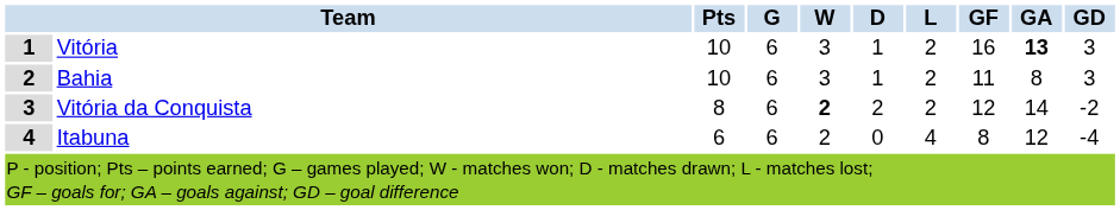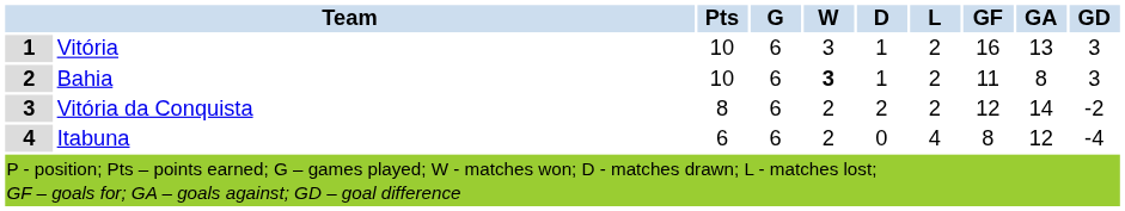 <table width=65%>
 <tr>
 <th colspan="2" bgcolor=#CCDDEE><span>Team</span></th>
 <th bgcolor=#CCDDEE align="center" width ="35"><span>Pts</span></th>
 <th bgcolor=#CCDDEE align="center" width ="35"><span>G</span></th>
 <th bgcolor=#CCDDEE align="center" width ="35"><span>W</span></th>
 <th bgcolor=#CCDDEE align="center" width ="35"><span>D</span></th>
 <th bgcolor=#CCDDEE align="center" width ="35"><span>L</span></th>
 <th bgcolor=#CCDDEE align="center" width ="35"><span>GF</span></th>
 <th bgcolor=#CCDDEE align="center" width ="35"><span>GA</span></th>
 <th bgcolor=#CCDDEE align="center" width ="35"><span>GD</span></th>
 </tr>
 <tr>
 <th bgcolor=#DCDCDC align="center"><span>1</span></th>
 <td bgcolor=#FFFFFF><a href='#'>Vitória</a></td>
 <td bgcolor=#FFFFFF align="center">10</td>
 <td bgcolor=#FFFFFF align="center">6</td>
 <td bgcolor=#FFFFFF align="center">3</td>
 <td bgcolor=#FFFFFF align="center">1</td>
 <td bgcolor=#FFFFFF align="center">2</td>
 <td bgcolor=#FFFFFF align="center">16</td>
-<td bgcolor=#FFFFFF align="center"><strong>13</strong></td>
+<td bgcolor=#FFFFFF align="center">13</td>
 <td bgcolor=#FFFFFF align="center">3</td>
 </tr>
 <tr>
 <th bgcolor=#DCDCDC align="center"><span>2</span></th>
 <td bgcolor=#FFFFFF><a href='#'>Bahia</a></td>
 <td bgcolor=#FFFFFF align="center">10</td>
 <td bgcolor=#FFFFFF align="center">6</td>
-<td bgcolor=#FFFFFF align="center">3</td>
+<td bgcolor=#FFFFFF align="center"><strong>3</strong></td>
 <td bgcolor=#FFFFFF align="center">1</td>
 <td bgcolor=#FFFFFF align="center">2</td>
 <td bgcolor=#FFFFFF align="center">11</td>
 <td bgcolor=#FFFFFF align="center">8</td>
 <td bgcolor=#FFFFFF align="center">3</td>
 </tr>
 <tr>
 <th bgcolor=#DCDCDC align="center"><span>3</span></th>
 <td bgcolor=#FFFFFF><a href='#'>Vitória da Conquista</a></td>
 <td bgcolor=#FFFFFF align="center">8</td>
 <td bgcolor=#FFFFFF align="center">6</td>
-<td bgcolor=#FFFFFF align="center"><strong>2</strong></td>
+<td bgcolor=#FFFFFF align="center">2</td>
 <td bgcolor=#FFFFFF align="center">2</td>
 <td bgcolor=#FFFFFF align="center">2</td>
 <td bgcolor=#FFFFFF align="center">12</td>
 <td bgcolor=#FFFFFF align="center">14</td>
 <td bgcolor=#FFFFFF align="center">-2</td>
 </tr>
 <tr>
 <th bgcolor=#DCDCDC align="center"><span>4</span></th>
 <td bgcolor=#FFFFFF><a href='#'>Itabuna</a></td>
 <td bgcolor=#FFFFFF align="center">6</td>
 <td bgcolor=#FFFFFF align="center">6</td>
 <td bgcolor=#FFFFFF align="center">2</td>
 <td bgcolor=#FFFFFF align="center">0</td>
 <td bgcolor=#FFFFFF align="center">4</td>
 <td bgcolor=#FFFFFF align="center">8</td>
 <td bgcolor=#FFFFFF align="center">12</td>
 <td bgcolor=#FFFFFF align="center">-4</td>
 </tr>
 <tr bgcolor=#9ACD32>
 <td colspan="12"><small>P - position; Pts – points earned; G – games played; W - matches won; D - matches drawn; L - matches lost;</small><br> <small><em>GF – goals for; GA – goals against; GD – goal difference</em></small></td>
 </tr>
 </table>
